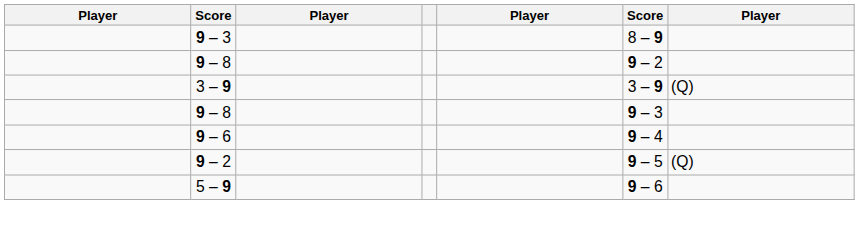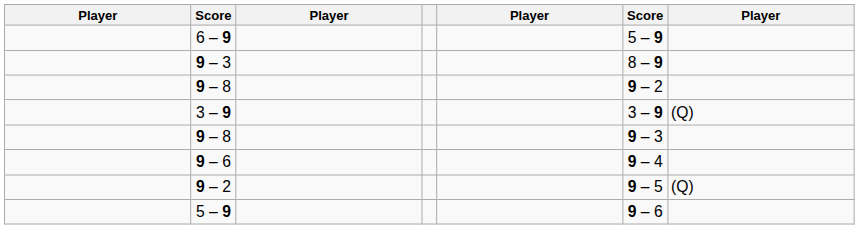 <table class="wikitable">
 <tr style="font-size:10pt;font-weight:bold">
 <th width=230>Player</th>
 <th width=40>Score</th>
 <th width=230>Player</th>
 <th width=10></th>
 <th width=230>Player</th>
 <th width=40>Score</th>
 <th width=230>Player</th>
+</tr>
+<tr>
+<td></td>
+<td align=center>6 – <strong>9</strong></td>
+<td></td>
+<td></td>
+<td></td>
+<td align=center>5 – <strong>9</strong></td>
+<td></td>
 </tr>
 <tr>
 <td></td>
 <td align=center><strong>9</strong> – 3</td>
 <td></td>
 <td></td>
 <td></td>
 <td align=center>8 – <strong>9</strong></td>
 <td></td>
 </tr>
 <tr>
 <td></td>
 <td align=center><strong>9</strong> – 8</td>
 <td></td>
 <td></td>
 <td></td>
 <td align=center><strong>9</strong> – 2</td>
 <td></td>
 </tr>
 <tr>
 <td></td>
 <td align=center>3 – <strong>9</strong></td>
 <td></td>
 <td></td>
 <td></td>
 <td align=center>3 – <strong>9</strong></td>
 <td> (Q)</td>
 </tr>
 <tr>
 <td></td>
 <td align=center><strong>9</strong> – 8</td>
 <td></td>
 <td></td>
 <td></td>
 <td align=center><strong>9</strong> – 3</td>
 <td></td>
 </tr>
 <tr>
 <td></td>
 <td align=center><strong>9</strong> – 6</td>
 <td></td>
 <td></td>
 <td></td>
 <td align=center><strong>9</strong> – 4</td>
 <td></td>
 </tr>
 <tr>
 <td></td>
 <td align=center><strong>9</strong> – 2</td>
 <td></td>
 <td></td>
 <td></td>
 <td align=center><strong>9</strong> – 5</td>
 <td> (Q)</td>
 </tr>
 <tr>
 <td></td>
 <td align=center>5 – <strong>9</strong></td>
 <td></td>
 <td></td>
 <td></td>
 <td align=center><strong>9</strong> – 6</td>
 <td></td>
 </tr>
 </table>
